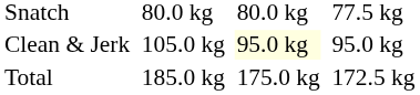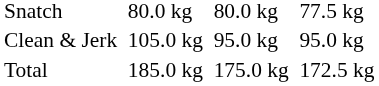 <table>
 <tr>
 <td>Snatch</td>
 <td></td>
 <td>80.0 kg</td>
 <td></td>
 <td>80.0 kg</td>
 <td></td>
 <td>77.5 kg</td>
 </tr>
 <tr>
 <td>Clean & Jerk</td>
 <td></td>
 <td>105.0 kg</td>
 <td></td>
-<td style="background: lightyellow;">95.0 kg</td>
+<td>95.0 kg</td>
 <td></td>
 <td>95.0 kg</td>
 </tr>
 <tr>
 <td>Total</td>
 <td></td>
 <td>185.0 kg</td>
 <td></td>
 <td>175.0 kg</td>
 <td></td>
 <td>172.5 kg</td>
 </tr>
 </table>
